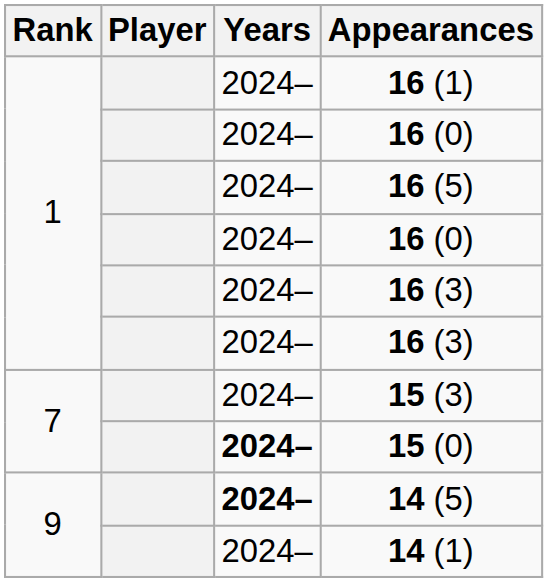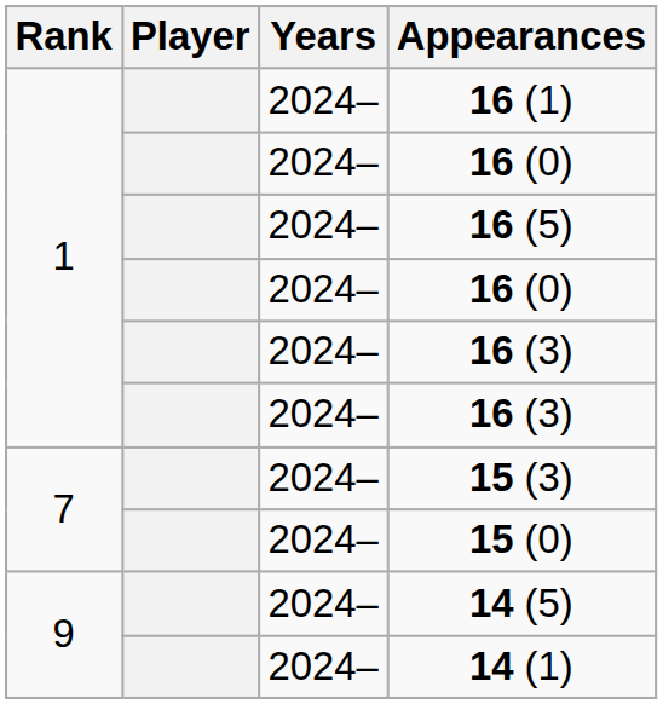 <table class="sortable wikitable plainrowheaders" style="text-align: center;">
 <tr>
 <th scope="col">Rank</th>
 <th scope="col">Player</th>
 <th scope="col">Years</th>
 <th scope="col">Appearances</th>
 </tr>
 <tr>
 <td rowspan="6">1</td>
 <th scope="row"> <strong></strong></th>
 <td>2024–</td>
 <td><strong>16</strong> (1)</td>
 </tr>
 <tr>
 <th scope="row"> <strong></strong></th>
 <td>2024–</td>
 <td><strong>16</strong> (0)</td>
 </tr>
 <tr>
 <th scope="row"> <strong></strong></th>
 <td>2024–</td>
 <td><strong>16</strong> (5)</td>
 </tr>
 <tr>
 <th scope="row"> <strong></strong></th>
 <td>2024–</td>
 <td><strong>16</strong> (0)</td>
 </tr>
 <tr>
 <th scope="row"> <strong></strong></th>
 <td>2024–</td>
 <td><strong>16</strong> (3)</td>
 </tr>
 <tr>
 <th scope="row"> <strong></strong></th>
 <td>2024–</td>
 <td><strong>16</strong> (3)</td>
 </tr>
 <tr>
 <td rowspan="2">7</td>
 <th scope="row"> <strong></strong></th>
 <td>2024–</td>
 <td><strong>15</strong> (3)</td>
 </tr>
 <tr>
 <th scope="row"> <strong></strong></th>
-<td><strong>2024–</strong></td>
+<td>2024–</td>
 <td><strong>15</strong> (0)</td>
 </tr>
 <tr>
 <td rowspan="2">9</td>
 <th scope="row"> <strong></strong></th>
-<td><strong>2024–</strong></td>
+<td>2024–</td>
 <td><strong>14</strong> (5)</td>
 </tr>
 <tr>
 <th scope="row"> <strong></strong></th>
 <td>2024–</td>
 <td><strong>14</strong> (1)</td>
 </tr>
 </table>
